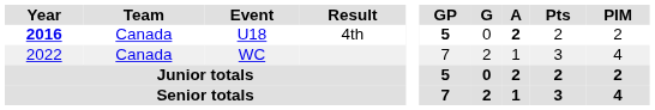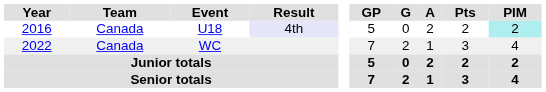 <table border="0" cellpadding="1" cellspacing="0" style="text-align:center; width:40em">
 <tr align="centre" style="background:#e0e0e0;">
 <th>Year</th>
 <th>Team</th>
 <th>Event</th>
 <th>Result</th>
 <th rowspan="99" style="background:#fff;"> </th>
 <th>GP</th>
 <th>G</th>
 <th>A</th>
 <th>Pts</th>
 <th>PIM</th>
 </tr>
 <tr ALIGN="centre">
-<td><strong><a href='#'>2016</a></strong></td>
+<td><a href='#'>2016</a></td>
 <td><a href='#'>Canada</a></td>
 <td><a href='#'>U18</a></td>
-<td>4th</td>
-<td><strong>5</strong></td>
+<td style="background: lavender;">4th</td>
+<td>5</td>
 <td>0</td>
-<td><strong>2</strong></td>
 <td>2</td>
 <td>2</td>
+<td style="background: paleturquoise;">2</td>
 </tr>
 <tr style="text-align:center; background:#f0f0f0;">
 <td><a href='#'>2022</a></td>
 <td><a href='#'>Canada</a></td>
 <td><a href='#'>WC</a></td>
 <td></td>
 <td>7</td>
 <td>2</td>
 <td>1</td>
 <td>3</td>
 <td>4</td>
 </tr>
 <tr style="background:#e0e0e0;">
 <th colspan="4">Junior totals</th>
 <th>5</th>
 <th>0</th>
 <th>2</th>
 <th>2</th>
 <th>2</th>
 </tr>
 <tr style="background:#e0e0e0;">
 <th colspan="4">Senior totals</th>
 <th>7</th>
 <th>2</th>
 <th>1</th>
 <th>3</th>
 <th>4</th>
 </tr>
 </table>
